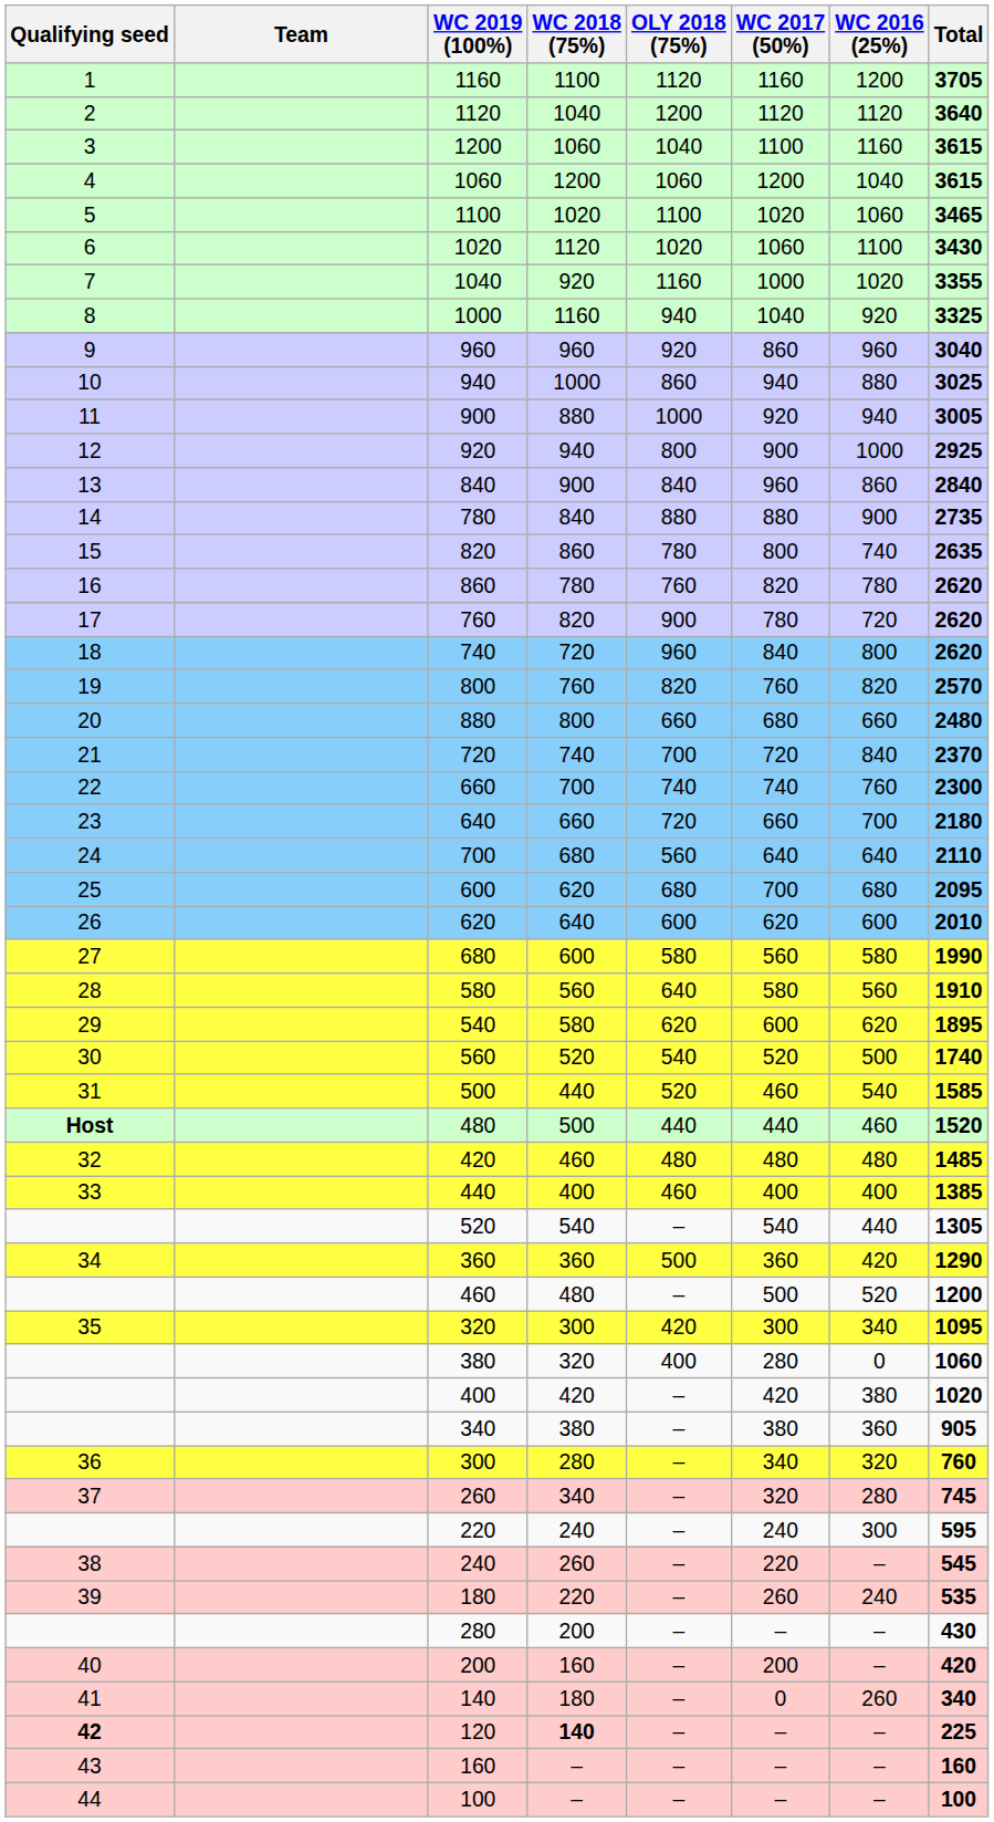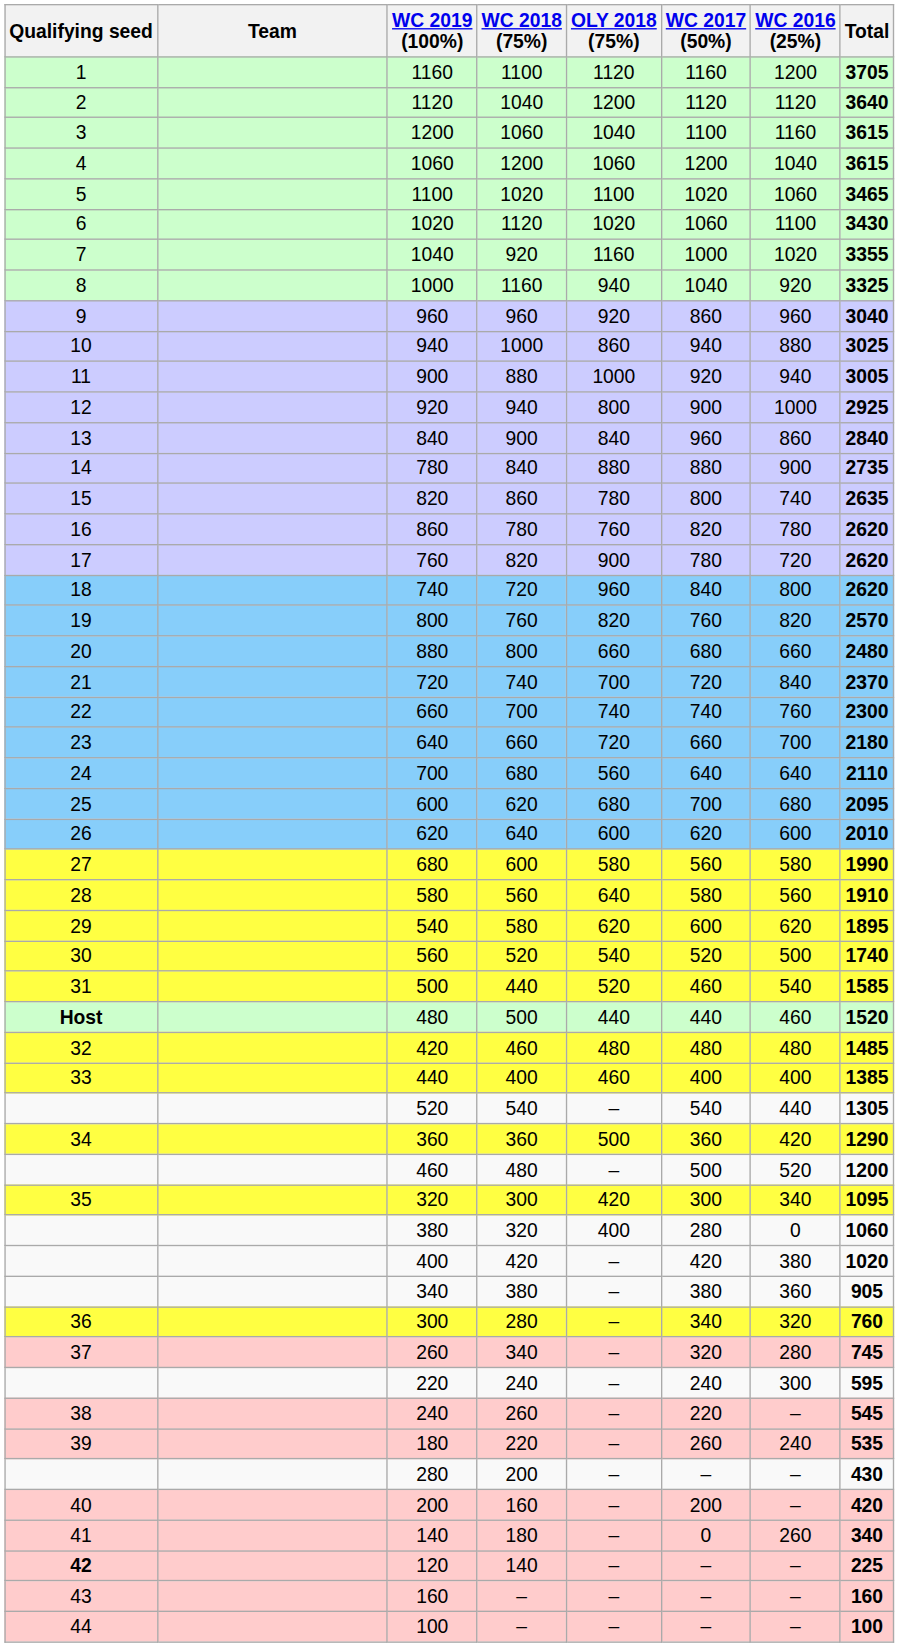 <table class="wikitable sortable" style="font-size:90%; text-align:center;margin: 1em auto 1em auto ">
 <tr>
 <th>Qualifying seed</th>
 <th width=165>Team</th>
 <th><a href='#'>WC 2019</a><br>(100%)</th>
 <th><a href='#'>WC 2018</a><br>(75%)</th>
 <th><a href='#'>OLY 2018</a><br>(75%)</th>
 <th><a href='#'>WC 2017</a><br>(50%)</th>
 <th><a href='#'>WC 2016</a><br>(25%)</th>
 <th>Total</th>
 </tr>
 <tr style="background: #ccffcc;">
 <td>1</td>
 <td align=left></td>
 <td>1160</td>
 <td>1100</td>
 <td>1120</td>
 <td>1160</td>
 <td>1200</td>
 <td><strong>3705</strong></td>
 </tr>
 <tr style="background: #ccffcc;">
 <td>2</td>
 <td align=left></td>
 <td>1120</td>
 <td>1040</td>
 <td>1200</td>
 <td>1120</td>
 <td>1120</td>
 <td><strong>3640</strong></td>
 </tr>
 <tr style="background: #ccffcc;">
 <td>3</td>
 <td align="left"></td>
 <td>1200</td>
 <td>1060</td>
 <td>1040</td>
 <td>1100</td>
 <td>1160</td>
 <td><strong>3615</strong></td>
 </tr>
 <tr style="background: #ccffcc;">
 <td>4</td>
 <td align="left"></td>
 <td>1060</td>
 <td>1200</td>
 <td>1060</td>
 <td>1200</td>
 <td>1040</td>
 <td><strong>3615</strong></td>
 </tr>
 <tr style="background: #ccffcc;">
 <td>5</td>
 <td align=left></td>
 <td>1100</td>
 <td>1020</td>
 <td>1100</td>
 <td>1020</td>
 <td>1060</td>
 <td><strong>3465</strong></td>
 </tr>
 <tr style="background: #ccffcc;">
 <td>6</td>
 <td align=left></td>
 <td>1020</td>
 <td>1120</td>
 <td>1020</td>
 <td>1060</td>
 <td>1100</td>
 <td><strong>3430</strong></td>
 </tr>
 <tr style="background: #ccffcc;">
 <td>7</td>
 <td align=left></td>
 <td>1040</td>
 <td>920</td>
 <td>1160</td>
 <td>1000</td>
 <td>1020</td>
 <td><strong>3355</strong></td>
 </tr>
 <tr style="background: #ccffcc;">
 <td>8</td>
 <td align=left></td>
 <td>1000</td>
 <td>1160</td>
 <td>940</td>
 <td>1040</td>
 <td>920</td>
 <td><strong>3325</strong></td>
 </tr>
 <tr style="background: #ccccff;">
 <td>9</td>
 <td align=left></td>
 <td>960</td>
 <td>960</td>
 <td>920</td>
 <td>860</td>
 <td>960</td>
 <td><strong>3040</strong></td>
 </tr>
 <tr style="background: #ccccff;">
 <td>10</td>
 <td align=left></td>
 <td>940</td>
 <td>1000</td>
 <td>860</td>
 <td>940</td>
 <td>880</td>
 <td><strong>3025</strong></td>
 </tr>
 <tr style="background: #ccccff;">
 <td>11</td>
 <td align=left></td>
 <td>900</td>
 <td>880</td>
 <td>1000</td>
 <td>920</td>
 <td>940</td>
 <td><strong>3005</strong></td>
 </tr>
 <tr style="background: #ccccff;">
 <td>12</td>
 <td align=left></td>
 <td>920</td>
 <td>940</td>
 <td>800</td>
 <td>900</td>
 <td>1000</td>
 <td><strong>2925</strong></td>
 </tr>
 <tr style="background: #ccccff;">
 <td>13</td>
 <td align=left></td>
 <td>840</td>
 <td>900</td>
 <td>840</td>
 <td>960</td>
 <td>860</td>
 <td><strong>2840</strong></td>
 </tr>
 <tr style="background: #ccccff;">
 <td>14</td>
 <td align=left></td>
 <td>780</td>
 <td>840</td>
 <td>880</td>
 <td>880</td>
 <td>900</td>
 <td><strong>2735</strong></td>
 </tr>
 <tr style="background: #ccccff;">
 <td>15</td>
 <td align=left></td>
 <td>820</td>
 <td>860</td>
 <td>780</td>
 <td>800</td>
 <td>740</td>
 <td><strong>2635</strong></td>
 </tr>
 <tr style="background: #ccccff;">
 <td>16</td>
 <td align=left></td>
 <td>860</td>
 <td>780</td>
 <td>760</td>
 <td>820</td>
 <td>780</td>
 <td><strong>2620</strong></td>
 </tr>
 <tr style="background: #ccccff;">
 <td>17</td>
 <td align=left></td>
 <td>760</td>
 <td>820</td>
 <td>900</td>
 <td>780</td>
 <td>720</td>
 <td><strong>2620</strong></td>
 </tr>
 <tr style="background: #87cefa;">
 <td>18</td>
 <td align=left></td>
 <td>740</td>
 <td>720</td>
 <td>960</td>
 <td>840</td>
 <td>800</td>
 <td><strong>2620</strong></td>
 </tr>
 <tr style="background: #87cefa;">
 <td>19</td>
 <td align=left></td>
 <td>800</td>
 <td>760</td>
 <td>820</td>
 <td>760</td>
 <td>820</td>
 <td><strong>2570</strong></td>
 </tr>
 <tr style="background: #87cefa;">
 <td>20</td>
 <td align=left></td>
 <td>880</td>
 <td>800</td>
 <td>660</td>
 <td>680</td>
 <td>660</td>
 <td><strong>2480</strong></td>
 </tr>
 <tr style="background: #87cefa;">
 <td>21</td>
 <td align=left></td>
 <td>720</td>
 <td>740</td>
 <td>700</td>
 <td>720</td>
 <td>840</td>
 <td><strong>2370</strong></td>
 </tr>
 <tr style="background: #87cefa;">
 <td>22</td>
 <td align=left></td>
 <td>660</td>
 <td>700</td>
 <td>740</td>
 <td>740</td>
 <td>760</td>
 <td><strong>2300</strong></td>
 </tr>
 <tr style="background:#87cefa;">
 <td>23</td>
 <td align=left></td>
 <td>640</td>
 <td>660</td>
 <td>720</td>
 <td>660</td>
 <td>700</td>
 <td><strong>2180</strong></td>
 </tr>
 <tr style="background: #87cefa;">
 <td>24</td>
 <td align=left></td>
 <td>700</td>
 <td>680</td>
 <td>560</td>
 <td>640</td>
 <td>640</td>
 <td><strong>2110</strong></td>
 </tr>
 <tr style="background: #87cefa;">
 <td>25</td>
 <td align=left></td>
 <td>600</td>
 <td>620</td>
 <td>680</td>
 <td>700</td>
 <td>680</td>
 <td><strong>2095</strong></td>
 </tr>
 <tr style="background: #87cefa;">
 <td>26</td>
 <td align=left></td>
 <td>620</td>
 <td>640</td>
 <td>600</td>
 <td>620</td>
 <td>600</td>
 <td><strong>2010</strong></td>
 </tr>
 <tr style="background: #ffff42;">
 <td>27</td>
 <td align=left></td>
 <td>680</td>
 <td>600</td>
 <td>580</td>
 <td>560</td>
 <td>580</td>
 <td><strong>1990</strong></td>
 </tr>
 <tr style="background: #ffff42;">
 <td>28</td>
 <td align=left></td>
 <td>580</td>
 <td>560</td>
 <td>640</td>
 <td>580</td>
 <td>560</td>
 <td><strong>1910</strong></td>
 </tr>
 <tr style="background: #ffff42;">
 <td>29</td>
 <td align=left></td>
 <td>540</td>
 <td>580</td>
 <td>620</td>
 <td>600</td>
 <td>620</td>
 <td><strong>1895</strong></td>
 </tr>
 <tr style="background: #ffff42;">
 <td>30</td>
 <td align=left></td>
 <td>560</td>
 <td>520</td>
 <td>540</td>
 <td>520</td>
 <td>500</td>
 <td><strong>1740</strong></td>
 </tr>
 <tr style="background: #ffff42;">
 <td>31</td>
 <td align=left></td>
 <td>500</td>
 <td>440</td>
 <td>520</td>
 <td>460</td>
 <td>540</td>
 <td><strong>1585</strong></td>
 </tr>
 <tr style="background: #ccffcc;">
 <td><strong>Host</strong></td>
 <td align=left></td>
 <td>480</td>
 <td>500</td>
 <td>440</td>
 <td>440</td>
 <td>460</td>
 <td><strong>1520</strong></td>
 </tr>
 <tr style="background: #ffff42;">
 <td>32</td>
 <td align=left></td>
 <td>420</td>
 <td>460</td>
 <td>480</td>
 <td>480</td>
 <td>480</td>
 <td><strong>1485</strong></td>
 </tr>
 <tr style="background: #ffff42;">
 <td>33</td>
 <td align=left></td>
 <td>440</td>
 <td>400</td>
 <td>460</td>
 <td>400</td>
 <td>400</td>
 <td><strong>1385</strong></td>
 </tr>
 <tr>
 <td></td>
 <td align=left></td>
 <td>520</td>
 <td>540</td>
 <td>–</td>
 <td>540</td>
 <td>440</td>
 <td><strong>1305</strong></td>
 </tr>
 <tr style="background: #ffff42;">
 <td>34</td>
 <td align=left></td>
 <td>360</td>
 <td>360</td>
 <td>500</td>
 <td>360</td>
 <td>420</td>
 <td><strong>1290</strong></td>
 </tr>
 <tr>
 <td></td>
 <td align=left></td>
 <td>460</td>
 <td>480</td>
 <td>–</td>
 <td>500</td>
 <td>520</td>
 <td><strong>1200</strong></td>
 </tr>
 <tr style="background: #ffff42;">
 <td>35</td>
 <td align=left></td>
 <td>320</td>
 <td>300</td>
 <td>420</td>
 <td>300</td>
 <td>340</td>
 <td><strong>1095</strong></td>
 </tr>
 <tr>
 <td></td>
 <td align=left></td>
 <td>380</td>
 <td>320</td>
 <td>400</td>
 <td>280</td>
 <td>0</td>
 <td><strong>1060</strong></td>
 </tr>
 <tr>
 <td></td>
 <td align=left></td>
 <td>400</td>
 <td>420</td>
 <td>–</td>
 <td>420</td>
 <td>380</td>
 <td><strong>1020</strong></td>
 </tr>
 <tr>
 <td></td>
 <td align=left></td>
 <td>340</td>
 <td>380</td>
 <td>–</td>
 <td>380</td>
 <td>360</td>
 <td><strong>905</strong></td>
 </tr>
 <tr style="background: #ffff42;">
 <td>36</td>
 <td align=left></td>
 <td>300</td>
 <td>280</td>
 <td>–</td>
 <td>340</td>
 <td>320</td>
 <td><strong>760</strong></td>
 </tr>
 <tr style="background: #ffcccc;">
 <td>37</td>
 <td align=left></td>
 <td>260</td>
 <td>340</td>
 <td>–</td>
 <td>320</td>
 <td>280</td>
 <td><strong>745</strong></td>
 </tr>
 <tr>
 <td></td>
 <td align=left></td>
 <td>220</td>
 <td>240</td>
 <td>–</td>
 <td>240</td>
 <td>300</td>
 <td><strong>595</strong></td>
 </tr>
 <tr style="background: #ffcccc;">
 <td>38</td>
 <td align=left></td>
 <td>240</td>
 <td>260</td>
 <td>–</td>
 <td>220</td>
 <td>–</td>
 <td><strong>545</strong></td>
 </tr>
 <tr style="background: #ffcccc;">
 <td>39</td>
 <td align=left></td>
 <td>180</td>
 <td>220</td>
 <td>–</td>
 <td>260</td>
 <td>240</td>
 <td><strong>535</strong></td>
 </tr>
 <tr>
 <td></td>
 <td align=left></td>
 <td>280</td>
 <td>200</td>
 <td>–</td>
 <td>–</td>
 <td>–</td>
 <td><strong>430</strong></td>
 </tr>
 <tr style="background: #ffcccc;">
 <td>40</td>
 <td align=left></td>
 <td>200</td>
 <td>160</td>
 <td>–</td>
 <td>200</td>
 <td>–</td>
 <td><strong>420</strong></td>
 </tr>
 <tr style="background: #ffcccc;">
 <td>41</td>
 <td align=left></td>
 <td>140</td>
 <td>180</td>
 <td>–</td>
 <td>0</td>
 <td>260</td>
 <td><strong>340</strong></td>
 </tr>
 <tr style="background: #ffcccc;">
 <td><strong>42</strong></td>
 <td align=left></td>
 <td>120</td>
-<td><strong>140</strong></td>
+<td>140</td>
 <td>–</td>
 <td>–</td>
 <td>–</td>
 <td><strong>225</strong></td>
 </tr>
 <tr style="background: #ffcccc;">
 <td>43</td>
 <td align=left></td>
 <td>160</td>
 <td>–</td>
 <td>–</td>
 <td>–</td>
 <td>–</td>
 <td><strong>160</strong></td>
 </tr>
 <tr style="background: #ffcccc;">
 <td>44</td>
 <td align=left></td>
 <td>100</td>
 <td>–</td>
 <td>–</td>
 <td>–</td>
 <td>–</td>
 <td><strong>100</strong></td>
 </tr>
 </table>
